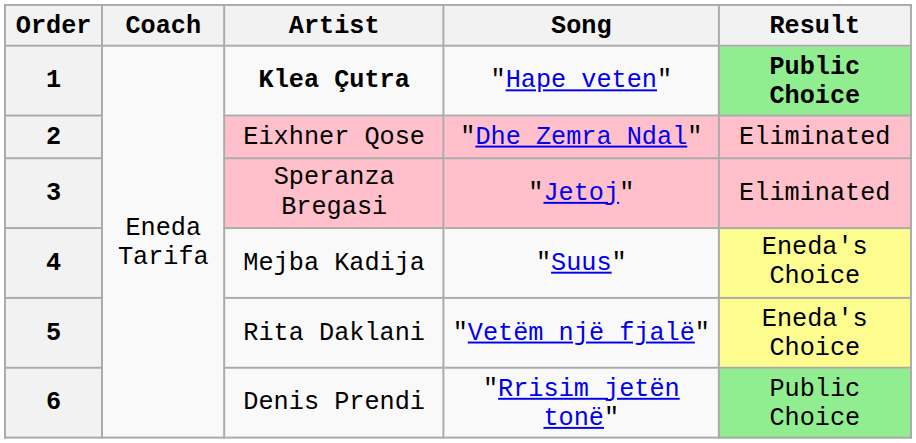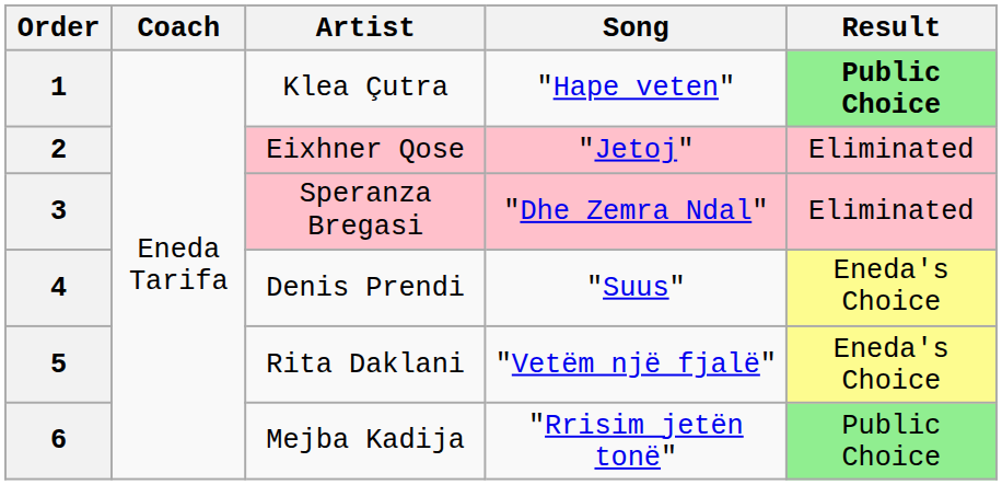 <table class="wikitable" style="text-align:center; width:75%;">
 <tr>
 <th width="05%">Order</th>
 <th width="10%">Coach</th>
 <th width="20%">Artist</th>
 <th width="25%">Song</th>
 <th width="15%">Result</th>
 </tr>
 <tr>
 <th>1</th>
 <td rowspan="6">Eneda Tarifa</td>
-<td><strong>Klea Çutra</strong></td>
+<td>Klea Çutra</td>
 <td>"<a href='#'>Hape veten</a>"</td>
 <td style="background-color:lightgreen;"><strong>Public Choice</strong></td>
 </tr>
 <tr>
 <th>2</th>
 <td style="background-color:pink;">Eixhner Qose</td>
-<td style="background-color:pink;">"<a href='#'>Dhe Zemra Ndal</a>"</td>
+<td style="background-color:pink;">"<a href='#'>Jetoj</a>"</td>
 <td style="background-color:pink;">Eliminated</td>
 </tr>
 <tr>
 <th>3</th>
 <td style="background-color:pink;">Speranza Bregasi</td>
-<td style="background-color:pink;">"<a href='#'>Jetoj</a>"</td>
+<td style="background-color:pink;">"<a href='#'>Dhe Zemra Ndal</a>"</td>
 <td style="background-color:pink;">Eliminated</td>
 </tr>
 <tr>
 <th>4</th>
-<td>Mejba Kadija</td>
+<td>Denis Prendi</td>
 <td>"<a href='#'>Suus</a>"</td>
 <td style="background-color:#fdfc8f;">Eneda's Choice</td>
 </tr>
 <tr>
 <th>5</th>
 <td>Rita Daklani</td>
 <td>"<a href='#'>Vetëm një fjalë</a>"</td>
 <td style="background-color:#fdfc8f;">Eneda's Choice</td>
 </tr>
 <tr>
 <th>6</th>
-<td>Denis Prendi</td>
+<td>Mejba Kadija</td>
 <td>"<a href='#'>Rrisim jetën tonë</a>"</td>
 <td style="background-color:lightgreen;">Public Choice</td>
 </tr>
 </table>
